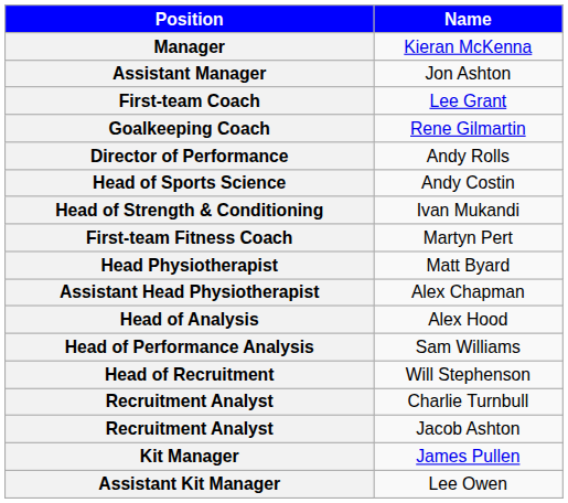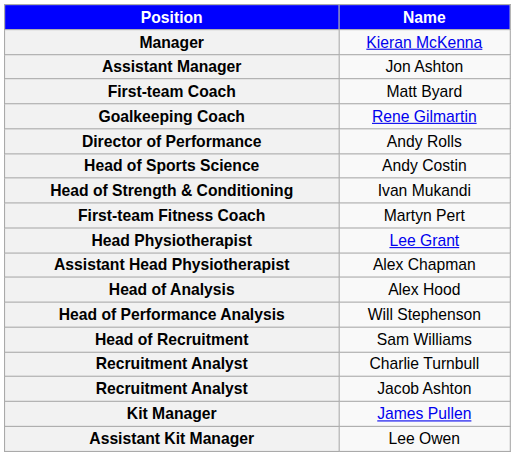 <table class="wikitable"  style="text-align:center; font-size:90%; ">
 <tr>
 <th style="background:blue; color:white; width:300px;">Position</th>
 <th style="background:blue; color:white; width:150px;">Name</th>
 </tr>
 <tr>
 <th scope=row>Manager</th>
 <td> <a href='#'>Kieran McKenna</a></td>
 </tr>
 <tr>
 <th scope=row>Assistant Manager</th>
 <td> Jon Ashton</td>
 </tr>
 <tr>
 <th scope=row>First-team Coach</th>
-<td> <a href='#'>Lee Grant</a></td>
+<td> Matt Byard</td>
 </tr>
 <tr>
 <th scope=row>Goalkeeping Coach</th>
 <td> <a href='#'>Rene Gilmartin</a></td>
 </tr>
 <tr>
 <th scope=row>Director of Performance</th>
 <td> Andy Rolls</td>
 </tr>
 <tr>
 <th scope=row>Head of Sports Science</th>
 <td> Andy Costin</td>
 </tr>
 <tr>
 <th scope=row>Head of Strength & Conditioning</th>
 <td> Ivan Mukandi</td>
 </tr>
 <tr>
 <th scope=row>First-team Fitness Coach</th>
 <td> Martyn Pert</td>
 </tr>
 <tr>
 <th scope=row>Head Physiotherapist</th>
-<td> Matt Byard</td>
+<td> <a href='#'>Lee Grant</a></td>
 </tr>
 <tr>
 <th scope=row>Assistant Head Physiotherapist</th>
 <td> Alex Chapman</td>
 </tr>
 <tr>
 <th scope=row>Head of Analysis</th>
 <td> Alex Hood</td>
 </tr>
 <tr>
 <th scope=row>Head of Performance Analysis</th>
-<td> Sam Williams</td>
+<td> Will Stephenson</td>
 </tr>
 <tr>
 <th scope=row>Head of Recruitment</th>
-<td> Will Stephenson</td>
+<td> Sam Williams</td>
 </tr>
 <tr>
 <th scope=row>Recruitment Analyst</th>
 <td> Charlie Turnbull</td>
 </tr>
 <tr>
 <th scope=row>Recruitment Analyst</th>
 <td> Jacob Ashton</td>
 </tr>
 <tr>
 <th scope=row>Kit Manager</th>
 <td> <a href='#'>James Pullen</a></td>
 </tr>
 <tr>
 <th scope=row>Assistant Kit Manager</th>
 <td> Lee Owen</td>
 </tr>
 </table>
